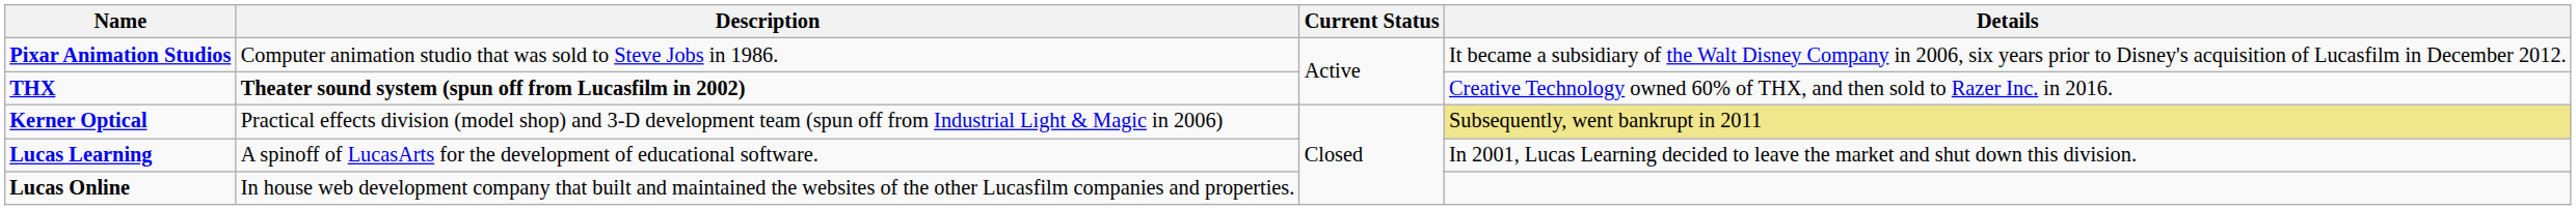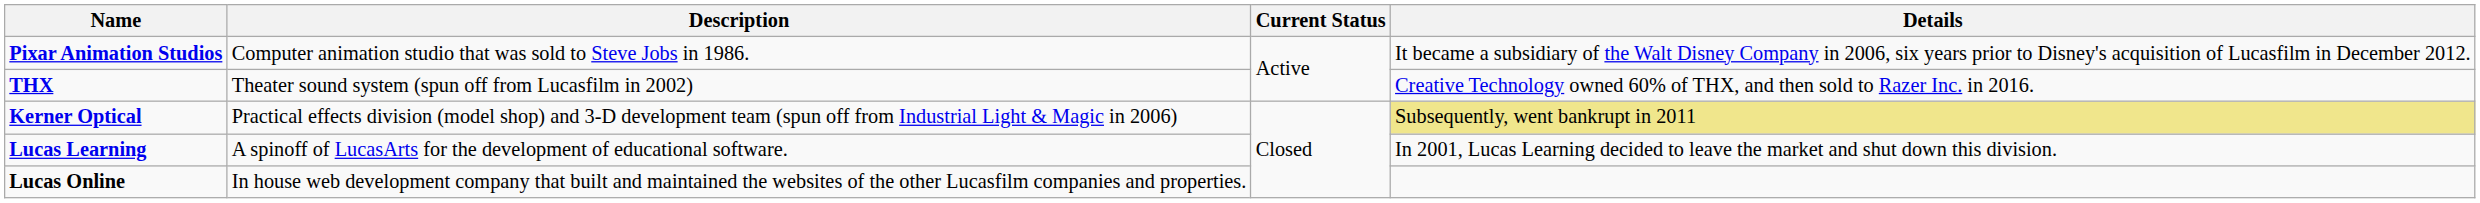 <table class="wikitable">
 <tr>
 <th>Name</th>
 <th>Description</th>
 <th>Current Status</th>
 <th>Details</th>
 </tr>
 <tr>
 <td><strong><a href='#'>Pixar Animation Studios</a></strong></td>
 <td>Computer animation studio that was sold to <a href='#'>Steve Jobs</a> in 1986.</td>
 <td rowspan="2">Active</td>
 <td>It became a subsidiary of <a href='#'>the Walt Disney Company</a> in 2006, six years prior to Disney's acquisition of Lucasfilm in December 2012.</td>
 </tr>
 <tr>
 <td><strong><a href='#'>THX</a></strong></td>
-<td><strong>Theater sound system (spun off from Lucasfilm in 2002)</strong></td>
+<td>Theater sound system (spun off from Lucasfilm in 2002)</td>
 <td><a href='#'>Creative Technology</a> owned 60% of THX, and then sold to <a href='#'>Razer Inc.</a> in 2016.</td>
 </tr>
 <tr>
 <td><strong><a href='#'>Kerner Optical</a></strong></td>
 <td>Practical effects division (model shop) and 3-D development team (spun off from <a href='#'>Industrial Light & Magic</a> in 2006)</td>
 <td rowspan="3">Closed</td>
 <td style="background: khaki;">Subsequently, went bankrupt in 2011</td>
 </tr>
 <tr>
 <td><strong><a href='#'>Lucas Learning</a></strong></td>
 <td>A spinoff of <a href='#'>LucasArts</a> for the development of educational software.</td>
 <td>In 2001, Lucas Learning decided to leave the market and shut down this division.</td>
 </tr>
 <tr>
 <td><strong>Lucas Online</strong></td>
 <td>In house web development company that built and maintained the websites of the other Lucasfilm companies and properties.</td>
 <td></td>
 </tr>
 </table>
